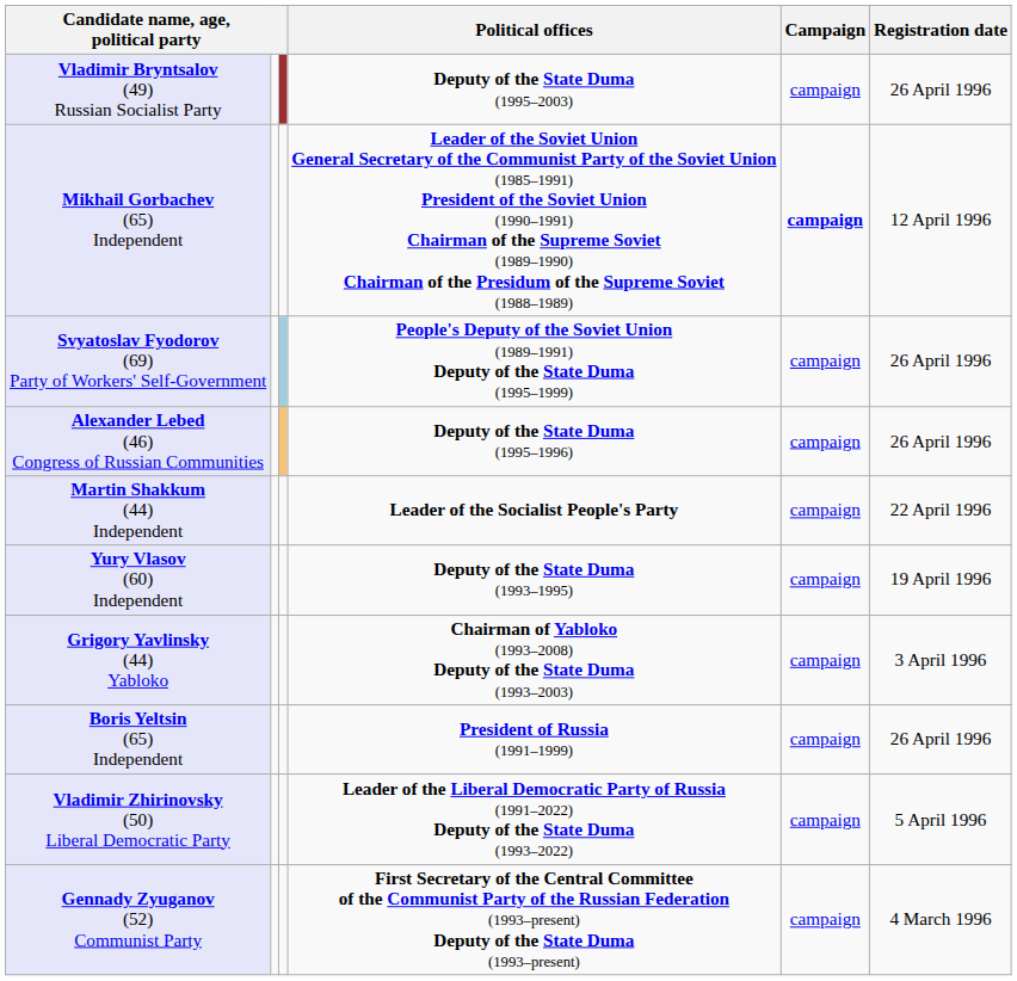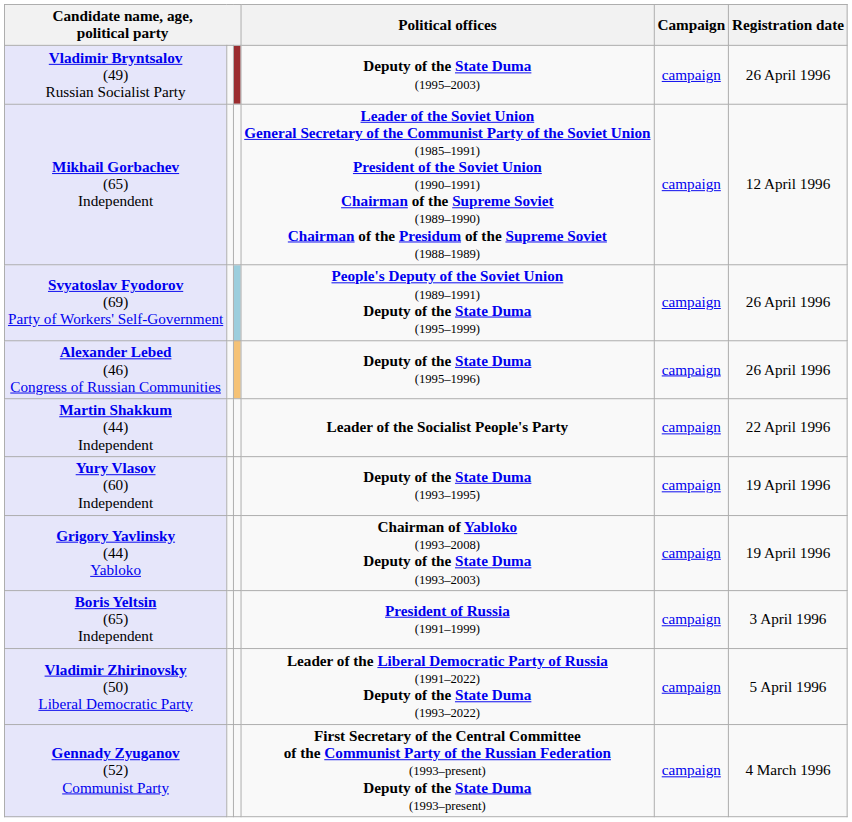 <table class="wikitable" style="text-align:center;">
 <tr>
 <th colspan="3">Candidate name, age,<br>political party</th>
 <th>Political offices</th>
 <th>Campaign</th>
 <th>Registration date</th>
 </tr>
 <tr>
 <td style="background:lavender;"><strong><a href='#'>Vladimir Bryntsalov</a></strong><br>(49)<br>Russian Socialist Party</td>
 <td></td>
 <td style="background-color: #9b2d30"></td>
 <td><strong>Deputy of the <a href='#'>State Duma</a></strong><br><small>(1995–2003)</small></td>
 <td><a href='#'>campaign</a></td>
 <td>26 April 1996</td>
 </tr>
 <tr>
 <td style="background:lavender;"><strong><a href='#'>Mikhail Gorbachev</a></strong><br>(65)<br>Independent</td>
 <td></td>
 <td style="background-color:"></td>
 <td><strong><a href='#'>Leader of the Soviet Union</a></strong><br><strong><a href='#'>General Secretary of the Communist Party of the Soviet Union</a></strong><br><small>(1985–1991)</small><br><strong><a href='#'>President of the Soviet Union</a></strong><br><small>(1990–1991)</small><br><strong><a href='#'>Chairman</a> of the <a href='#'>Supreme Soviet</a></strong><br><small>(1989–1990)</small><br><strong><a href='#'>Chairman</a> of the <a href='#'>Presidum</a> of the <a href='#'>Supreme Soviet</a></strong><br><small>(1988–1989)</small></td>
-<td><strong><a href='#'>campaign</a></strong></td>
+<td><a href='#'>campaign</a></td>
 <td>12 April 1996</td>
 </tr>
 <tr>
 <td style="background:lavender;"><strong><a href='#'>Svyatoslav Fyodorov</a></strong><br>(69)<br><a href='#'>Party of Workers' Self-Government</a></td>
 <td></td>
 <td style="background:#9ccedd"></td>
 <td><strong><a href='#'>People's Deputy of the Soviet Union</a></strong><br><small>(1989–1991)</small><br><strong>Deputy of the <a href='#'>State Duma</a></strong><br><small>(1995–1999)</small></td>
 <td><a href='#'>campaign</a></td>
 <td>26 April 1996</td>
 </tr>
 <tr>
 <td style="background:lavender;"><strong><a href='#'>Alexander Lebed</a></strong><br>(46)<br><a href='#'>Congress of Russian Communities</a></td>
 <td></td>
 <td style="background:#f5c276"></td>
 <td><strong>Deputy of the <a href='#'>State Duma</a></strong><br><small>(1995–1996)</small></td>
 <td><a href='#'>campaign</a></td>
 <td>26 April 1996</td>
 </tr>
 <tr>
 <td style="background:lavender;"><strong><a href='#'>Martin Shakkum</a></strong><br>(44)<br>Independent</td>
 <td></td>
 <td style="background-color:"></td>
 <td><strong>Leader of the Socialist People's Party</strong></td>
 <td><a href='#'>campaign</a></td>
 <td>22 April 1996</td>
 </tr>
 <tr>
 <td style="background:lavender;"><strong><a href='#'>Yury Vlasov</a></strong><br>(60)<br>Independent</td>
 <td></td>
 <td style="background-color:"></td>
 <td><strong>Deputy of the <a href='#'>State Duma</a></strong><br><small>(1993–1995)</small></td>
 <td><a href='#'>campaign</a></td>
 <td>19 April 1996</td>
 </tr>
 <tr>
 <td style="background:lavender;"><strong><a href='#'>Grigory Yavlinsky</a></strong><br>(44)<br><a href='#'>Yabloko</a></td>
 <td></td>
 <td style="background-color:"></td>
 <td><strong>Chairman of <a href='#'>Yabloko</a></strong><br><small>(1993–2008)</small><br> <strong>Deputy of the <a href='#'>State Duma</a></strong><br><small>(1993–2003)</small></td>
 <td><a href='#'>campaign</a></td>
-<td>3 April 1996</td>
+<td>19 April 1996</td>
 </tr>
 <tr>
 <td style="background:lavender;"><strong><a href='#'>Boris Yeltsin</a></strong><br>(65)<br>Independent</td>
 <td></td>
 <td style="background-color:"></td>
 <td><strong><a href='#'>President of Russia</a></strong><br><small>(1991–1999)</small></td>
 <td><a href='#'>campaign</a></td>
-<td>26 April 1996</td>
+<td>3 April 1996</td>
 </tr>
 <tr>
 <td style="background:lavender;"><strong><a href='#'>Vladimir Zhirinovsky</a></strong><br>(50)<br><a href='#'>Liberal Democratic Party</a></td>
 <td></td>
 <td style="background-color:"></td>
 <td><strong>Leader of the <a href='#'>Liberal Democratic Party of Russia</a></strong><br><small>(1991–2022)</small><br><strong>Deputy of the <a href='#'>State Duma</a></strong><br><small>(1993–2022)</small></td>
 <td><a href='#'>campaign</a></td>
 <td>5 April 1996</td>
 </tr>
 <tr>
 <td style="background:lavender;"><strong><a href='#'>Gennady Zyuganov</a></strong><br>(52)<br><a href='#'>Communist Party</a></td>
 <td></td>
 <td style="background-color:"></td>
 <td><strong>First Secretary of the Central Committee<br>of the <a href='#'>Communist Party of the Russian Federation</a></strong><br><small>(1993–present)</small><br><strong>Deputy of the <a href='#'>State Duma</a></strong><br><small>(1993–present)</small></td>
 <td><a href='#'>campaign</a></td>
 <td>4 March 1996</td>
 </tr>
 </table>
